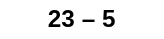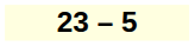 <table style="text-align:center">
 <tr>
 <th width=200></th>
 <th width=100></th>
 <th width=200></th>
 </tr>
 <tr>
 <td align=right></td>
-<td><strong>23 – 5</strong></td>
+<td style="background: lightyellow;"><strong>23 – 5</strong></td>
 <td align=left></td>
 </tr>
 </table>
